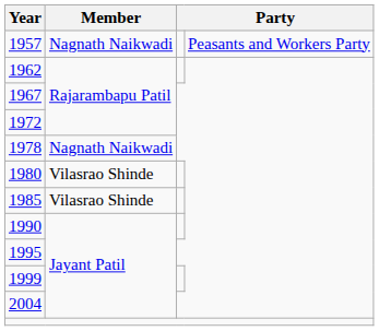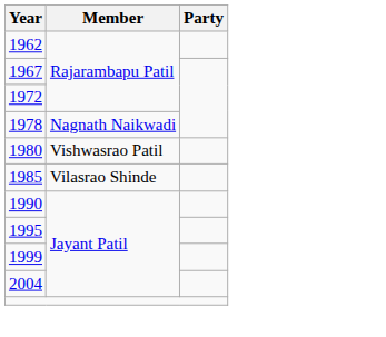 <table class="wikitable">
 <tr>
 <th>Year</th>
 <th>Member</th>
 <th colspan="2">Party</th>
-</tr>
-<tr>
-<td><a href='#'>1957</a></td>
-<td><a href='#'>Nagnath Naikwadi</a></td>
-<td style="background-color: "></td>
-<td><a href='#'>Peasants and Workers Party</a></td>
 </tr>
 <tr>
 <td><a href='#'>1962</a></td>
 <td rowspan="3"><a href='#'>Rajarambapu Patil</a></td>
 <td></td>
 </tr>
 <tr>
 <td><a href='#'>1967</a></td>
 </tr>
 <tr>
 <td><a href='#'>1972</a></td>
 </tr>
 <tr>
 <td><a href='#'>1978</a></td>
 <td><a href='#'>Nagnath Naikwadi</a></td>
 </tr>
 <tr>
 <td><a href='#'>1980</a></td>
-<td>Vilasrao Shinde</td>
+<td>Vishwasrao Patil</td>
 <td></td>
 </tr>
 <tr>
 <td><a href='#'>1985</a></td>
 <td>Vilasrao Shinde</td>
 <td></td>
 </tr>
 <tr>
 <td><a href='#'>1990</a></td>
 <td rowspan="4"><a href='#'>Jayant Patil</a></td>
 <td></td>
 </tr>
 <tr>
 <td><a href='#'>1995</a></td>
 </tr>
 <tr>
 <td><a href='#'>1999</a></td>
 <td></td>
 </tr>
 <tr>
 <td><a href='#'>2004</a></td>
 </tr>
 <tr>
 <td colspan="4"></td>
 </tr>
 </table>
